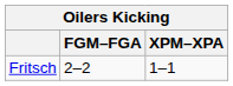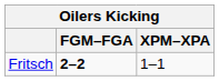 <table class="wikitable">
 <tr>
 <th colspan="3">Oilers Kicking</th>
 </tr>
 <tr>
 <th></th>
 <th>FGM–FGA</th>
 <th>XPM–XPA</th>
 </tr>
 <tr>
 <td><a href='#'>Fritsch</a></td>
-<td>2–2</td>
+<td><strong>2–2</strong></td>
 <td>1–1</td>
 </tr>
 </table>
